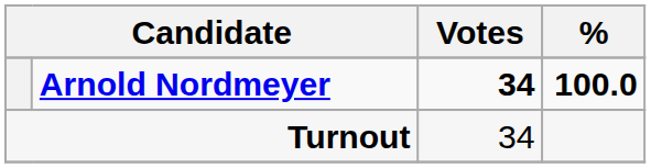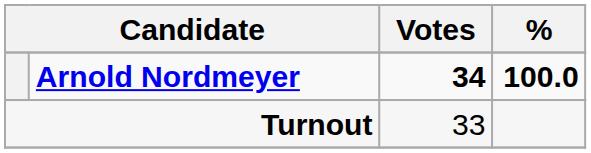 <table class="wikitable" style="font-size: 95%;">
 <tr style="background-color:#E9E9E9">
 <th colspan="2" style="width: 170px">Candidate</th>
 <th style="width: 50px">Votes</th>
 <th style="width: 40px">%</th>
 </tr>
 <tr>
 </tr>
 <tr>
 <th width=5 style="background-color: "></th>
 <td style="width: 170px"><strong><a href='#'>Arnold Nordmeyer</a></strong></td>
 <td align="right"><strong>34</strong></td>
 <td align="right"><strong>100.0</strong></td>
 </tr>
 <tr>
 </tr>
 <tr style="background-color:#F6F6F6">
 <td colspan="2" align="right"><strong>Turnout</strong></td>
-<td align="right">34</td>
+<td align="right">33</td>
 <td></td>
 </tr>
 <tr>
 </tr>
 </table>
